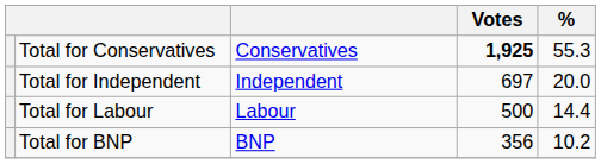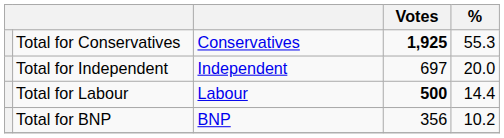 <table class="wikitable">
 <tr>
 <th valign=top colspan="2" style="width: 180px"></th>
 <th valign=top style="width: 180px"></th>
 <th valign=top style="width: 60px">Votes</th>
 <th valign=top style="width: 40px">%</th>
 </tr>
 <tr>
 <th style="background-color: "></th>
 <td>Total for Conservatives</td>
 <td><a href='#'>Conservatives</a></td>
 <td align="right"><strong>1,925</strong></td>
 <td align="right">55.3</td>
 </tr>
 <tr>
 <th style="background-color: "></th>
 <td>Total for Independent</td>
 <td><a href='#'>Independent</a></td>
 <td align="right">697</td>
 <td align="right">20.0</td>
 </tr>
 <tr>
 <th style="background-color: "></th>
 <td>Total for Labour</td>
 <td><a href='#'>Labour</a></td>
-<td align="right">500</td>
+<td align="right"><strong>500</strong></td>
 <td align="right">14.4</td>
 </tr>
 <tr>
 <th style="background-color: "></th>
 <td>Total for BNP</td>
 <td><a href='#'>BNP</a></td>
 <td align="right">356</td>
 <td align="right">10.2</td>
 </tr>
 <tr>
 </tr>
 </table>
